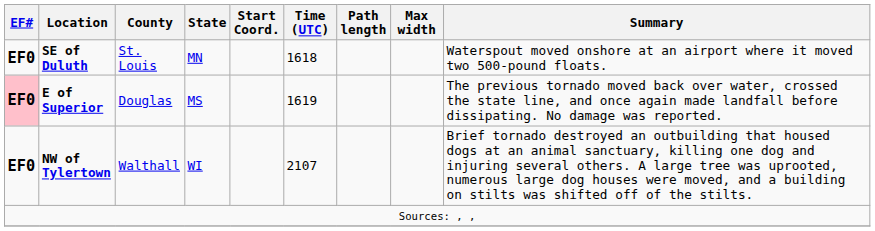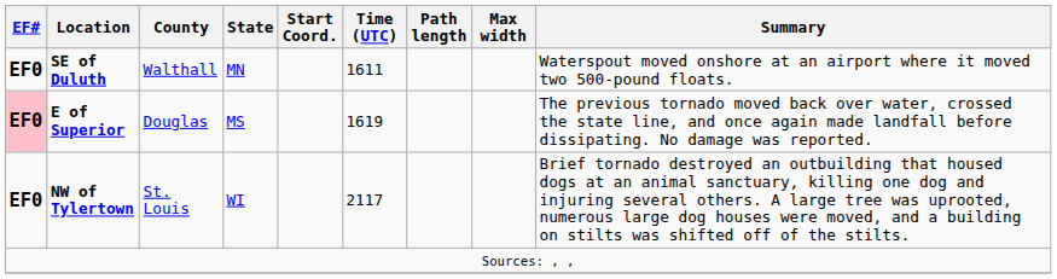 <table class="wikitable collapsible" width="100%">
 <tr>
 <th scope="col"  style="width:3%; text-align:center;"><a href='#'>EF#</a></th>
 <th scope="col"  style="width:7%; text-align:center;" class="unsortable">Location</th>
 <th scope="col"  style="width:6%; text-align:center;" class="unsortable">County</th>
 <th scope="col"  style="width:5%; text-align:center;">State</th>
 <th scope="col"  style="width:6%; text-align:center;">Start Coord.</th>
 <th scope="col"  style="width:6%; text-align:center;">Time (<a href='#'>UTC</a>)</th>
 <th scope="col"  style="width:6%; text-align:center;">Path length</th>
 <th scope="col"  style="width:6%; text-align:center;">Max width</th>
 <th scope="col" class="unsortable" style="width:48%; text-align:center;">Summary</th>
 </tr>
 <tr>
 <td><big><strong>EF0</strong></big></td>
 <td><strong>SE of <a href='#'>Duluth</a></strong></td>
-<td><a href='#'>St. Louis</a></td>
+<td><a href='#'>Walthall</a></td>
 <td><a href='#'>MN</a></td>
 <td></td>
-<td>1618</td>
+<td>1611</td>
 <td></td>
 <td></td>
 <td>Waterspout moved onshore at an airport where it moved two 500-pound floats.</td>
 </tr>
 <tr>
 <td style="background: pink;"><big><strong>EF0</strong></big></td>
 <td><strong>E of <a href='#'>Superior</a></strong></td>
 <td><a href='#'>Douglas</a></td>
 <td><a href='#'>MS</a></td>
 <td></td>
 <td>1619</td>
 <td></td>
 <td></td>
 <td>The previous tornado moved back over water, crossed the state line, and once again made landfall before dissipating. No damage was reported.</td>
 </tr>
 <tr>
 <td><big><strong>EF0</strong></big></td>
 <td><strong>NW of <a href='#'>Tylertown</a></strong></td>
-<td><a href='#'>Walthall</a></td>
+<td><a href='#'>St. Louis</a></td>
 <td><a href='#'>WI</a></td>
 <td></td>
-<td>2107</td>
+<td>2117</td>
 <td></td>
 <td></td>
 <td>Brief tornado destroyed an outbuilding that housed dogs at an animal sanctuary, killing one dog and injuring several others. A large tree was uprooted, numerous large dog houses were moved, and a building on stilts was shifted off of the stilts.</td>
 </tr>
 <tr>
 <td colspan="9" align=center><small>Sources: , , </small></td>
 </tr>
 <tr>
 </tr>
 </table>
